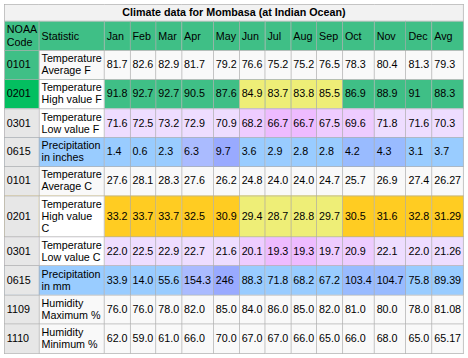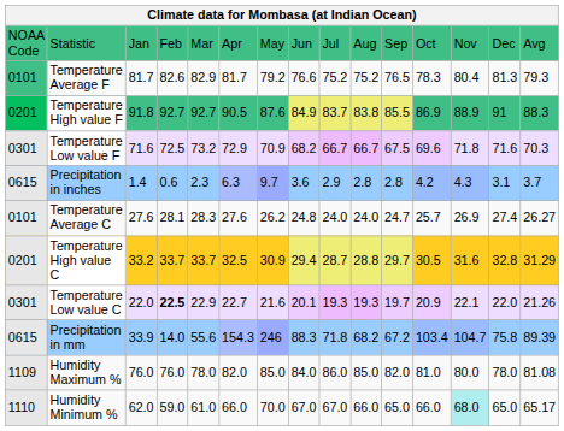 <table class=wikitable width=590px>
 <tr>
 <th colspan=16>Climate data for Mombasa (at Indian Ocean)</th>
 </tr>
 <tr bgcolor=#3fbf86>
 <td width="1%">NOAA Code</td>
 <td>Statistic</td>
 <td>Jan</td>
 <td>Feb</td>
 <td>Mar</td>
 <td>Apr</td>
 <td>May</td>
 <td>Jun</td>
 <td>Jul</td>
 <td>Aug</td>
 <td>Sep</td>
 <td>Oct</td>
 <td>Nov</td>
 <td>Dec</td>
 <td>Avg</td>
 </tr>
 <tr>
 <td bgcolor=#3fbf86>0101</td>
 <td>Temperature<br>Average F</td>
 <td>81.7</td>
 <td>82.6</td>
 <td>82.9</td>
 <td>81.7</td>
 <td>79.2</td>
 <td>76.6</td>
 <td>75.2</td>
 <td>75.2</td>
 <td>76.5</td>
 <td>78.3</td>
 <td>80.4</td>
 <td>81.3</td>
 <td>79.3</td>
 </tr>
 <tr bgcolor=#3fbf86>
 <td bgcolor=##3fbf86>0201</td>
 <td bgcolor=#FFFFFF>Temperature<br>High value F</td>
 <td>91.8</td>
 <td>92.7</td>
 <td>92.7</td>
 <td>90.5</td>
 <td>87.6</td>
 <td bgcolor=#EEEE77>84.9</td>
 <td bgcolor=#EEEE77>83.7</td>
 <td bgcolor=#EEEE77>83.8</td>
 <td bgcolor=#EEEE77>85.5</td>
 <td>86.9</td>
 <td>88.9</td>
 <td>91</td>
 <td>88.3</td>
 </tr>
 <tr bgcolor=#EEDDFF>
 <td bgcolor=#E7E7E7>0301</td>
 <td bgcolor=#FFFFFF>Temperature<br>Low value F</td>
 <td>71.6</td>
 <td>72.5</td>
 <td>73.2</td>
 <td>72.9</td>
 <td>70.9</td>
 <td bgcolor=#EECCFF>68.2</td>
 <td bgcolor=#EEBBFF>66.7</td>
 <td bgcolor=#EEBBFF>66.7</td>
 <td bgcolor=#EECCFF>67.5</td>
 <td bgcolor=#EECCFF>69.6</td>
 <td>71.8</td>
 <td>71.6</td>
 <td>70.3</td>
 </tr>
 <tr bgcolor=#99CCFF>
 <td bgcolor=#E7E7E7>0615</td>
 <td>Precipitation<br>in inches</td>
 <td>1.4</td>
 <td>0.6</td>
 <td>2.3</td>
 <td bgcolor=#AABBFF>6.3</td>
 <td bgcolor=#99AAFF>9.7</td>
 <td>3.6</td>
 <td>2.9</td>
 <td>2.8</td>
 <td>2.8</td>
 <td bgcolor=#99BBFF>4.2</td>
 <td bgcolor=#99BBFF>4.3</td>
 <td>3.1</td>
 <td>3.7</td>
 </tr>
 <tr>
 <td bgcolor=#E7E7E7>0101</td>
 <td>Temperature<br>Average C</td>
 <td>27.6</td>
 <td>28.1</td>
 <td>28.3</td>
 <td>27.6</td>
 <td>26.2</td>
 <td>24.8</td>
 <td>24.0</td>
 <td>24.0</td>
 <td>24.7</td>
 <td>25.7</td>
 <td>26.9</td>
 <td>27.4</td>
 <td>26.27</td>
 </tr>
 <tr bgcolor=#FFCC22>
 <td bgcolor=#E7E7E7>0201</td>
 <td bgcolor=#FFFFFF>Temperature<br>High value C</td>
 <td>33.2</td>
 <td>33.7</td>
 <td>33.7</td>
 <td>32.5</td>
 <td>30.9</td>
 <td bgcolor=#EEEE77>29.4</td>
 <td bgcolor=#EEEE77>28.7</td>
 <td bgcolor=#EEEE77>28.8</td>
 <td bgcolor=#EEEE77>29.7</td>
 <td>30.5</td>
 <td>31.6</td>
 <td>32.8</td>
 <td>31.29</td>
 </tr>
 <tr bgcolor=#EEDDFF>
 <td bgcolor=#E7E7E7>0301</td>
 <td bgcolor=#FFFFFF>Temperature<br>Low value C</td>
 <td>22.0</td>
-<td>22.5</td>
+<td><strong>22.5</strong></td>
 <td>22.9</td>
 <td>22.7</td>
 <td>21.6</td>
 <td bgcolor=#EECCFF>20.1</td>
 <td bgcolor=#EEBBFF>19.3</td>
 <td bgcolor=#EEBBFF>19.3</td>
 <td bgcolor=#EECCFF>19.7</td>
 <td bgcolor=#EECCFF>20.9</td>
 <td>22.1</td>
 <td>22.0</td>
 <td>21.26</td>
 </tr>
 <tr bgcolor=#99CCFF>
 <td bgcolor=#E7E7E7>0615</td>
 <td>Precipitation<br>in mm</td>
 <td>33.9</td>
 <td>14.0</td>
 <td>55.6</td>
 <td bgcolor=#AABBFF>154.3</td>
 <td bgcolor=#99AAFF>246</td>
 <td>88.3</td>
 <td>71.8</td>
 <td>68.2</td>
 <td>67.2</td>
 <td bgcolor=#99BBFF>103.4</td>
 <td bgcolor=#99BBFF>104.7</td>
 <td>75.8</td>
 <td>89.39</td>
 </tr>
 <tr>
 <td bgcolor=#E7E7E7>1109</td>
 <td>Humidity<br>Maximum %</td>
 <td>76.0</td>
 <td>76.0</td>
 <td>78.0</td>
 <td>82.0</td>
 <td>85.0</td>
 <td>84.0</td>
 <td>86.0</td>
 <td>85.0</td>
 <td>82.0</td>
 <td>81.0</td>
 <td>80.0</td>
 <td>78.0</td>
 <td>81.08</td>
 </tr>
 <tr>
 <td bgcolor=#E7E7E7>1110</td>
 <td>Humidity<br>Minimum %</td>
 <td>62.0</td>
 <td>59.0</td>
 <td>61.0</td>
 <td>66.0</td>
 <td>70.0</td>
 <td>67.0</td>
 <td>67.0</td>
 <td>66.0</td>
 <td>65.0</td>
 <td>66.0</td>
-<td>68.0</td>
+<td style="background: paleturquoise;">68.0</td>
 <td>65.0</td>
 <td>65.17</td>
 </tr>
 </table>
